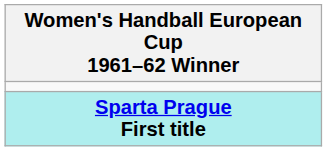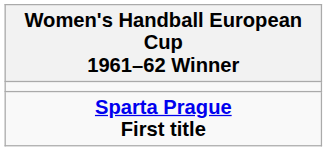 <table class="wikitable" style="text-align: center; margin: 0 auto; width: 20%">
 <tr>
 <th>Women's Handball European Cup <br>1961–62 Winner</th>
 </tr>
 <tr>
 <td></td>
 </tr>
 <tr>
-<td style="background: paleturquoise;"><strong> <a href='#'>Sparta Prague</a></strong><br><strong>First title</strong> <br></td>
+<td><strong> <a href='#'>Sparta Prague</a></strong><br><strong>First title</strong> <br></td>
 </tr>
 </table>
